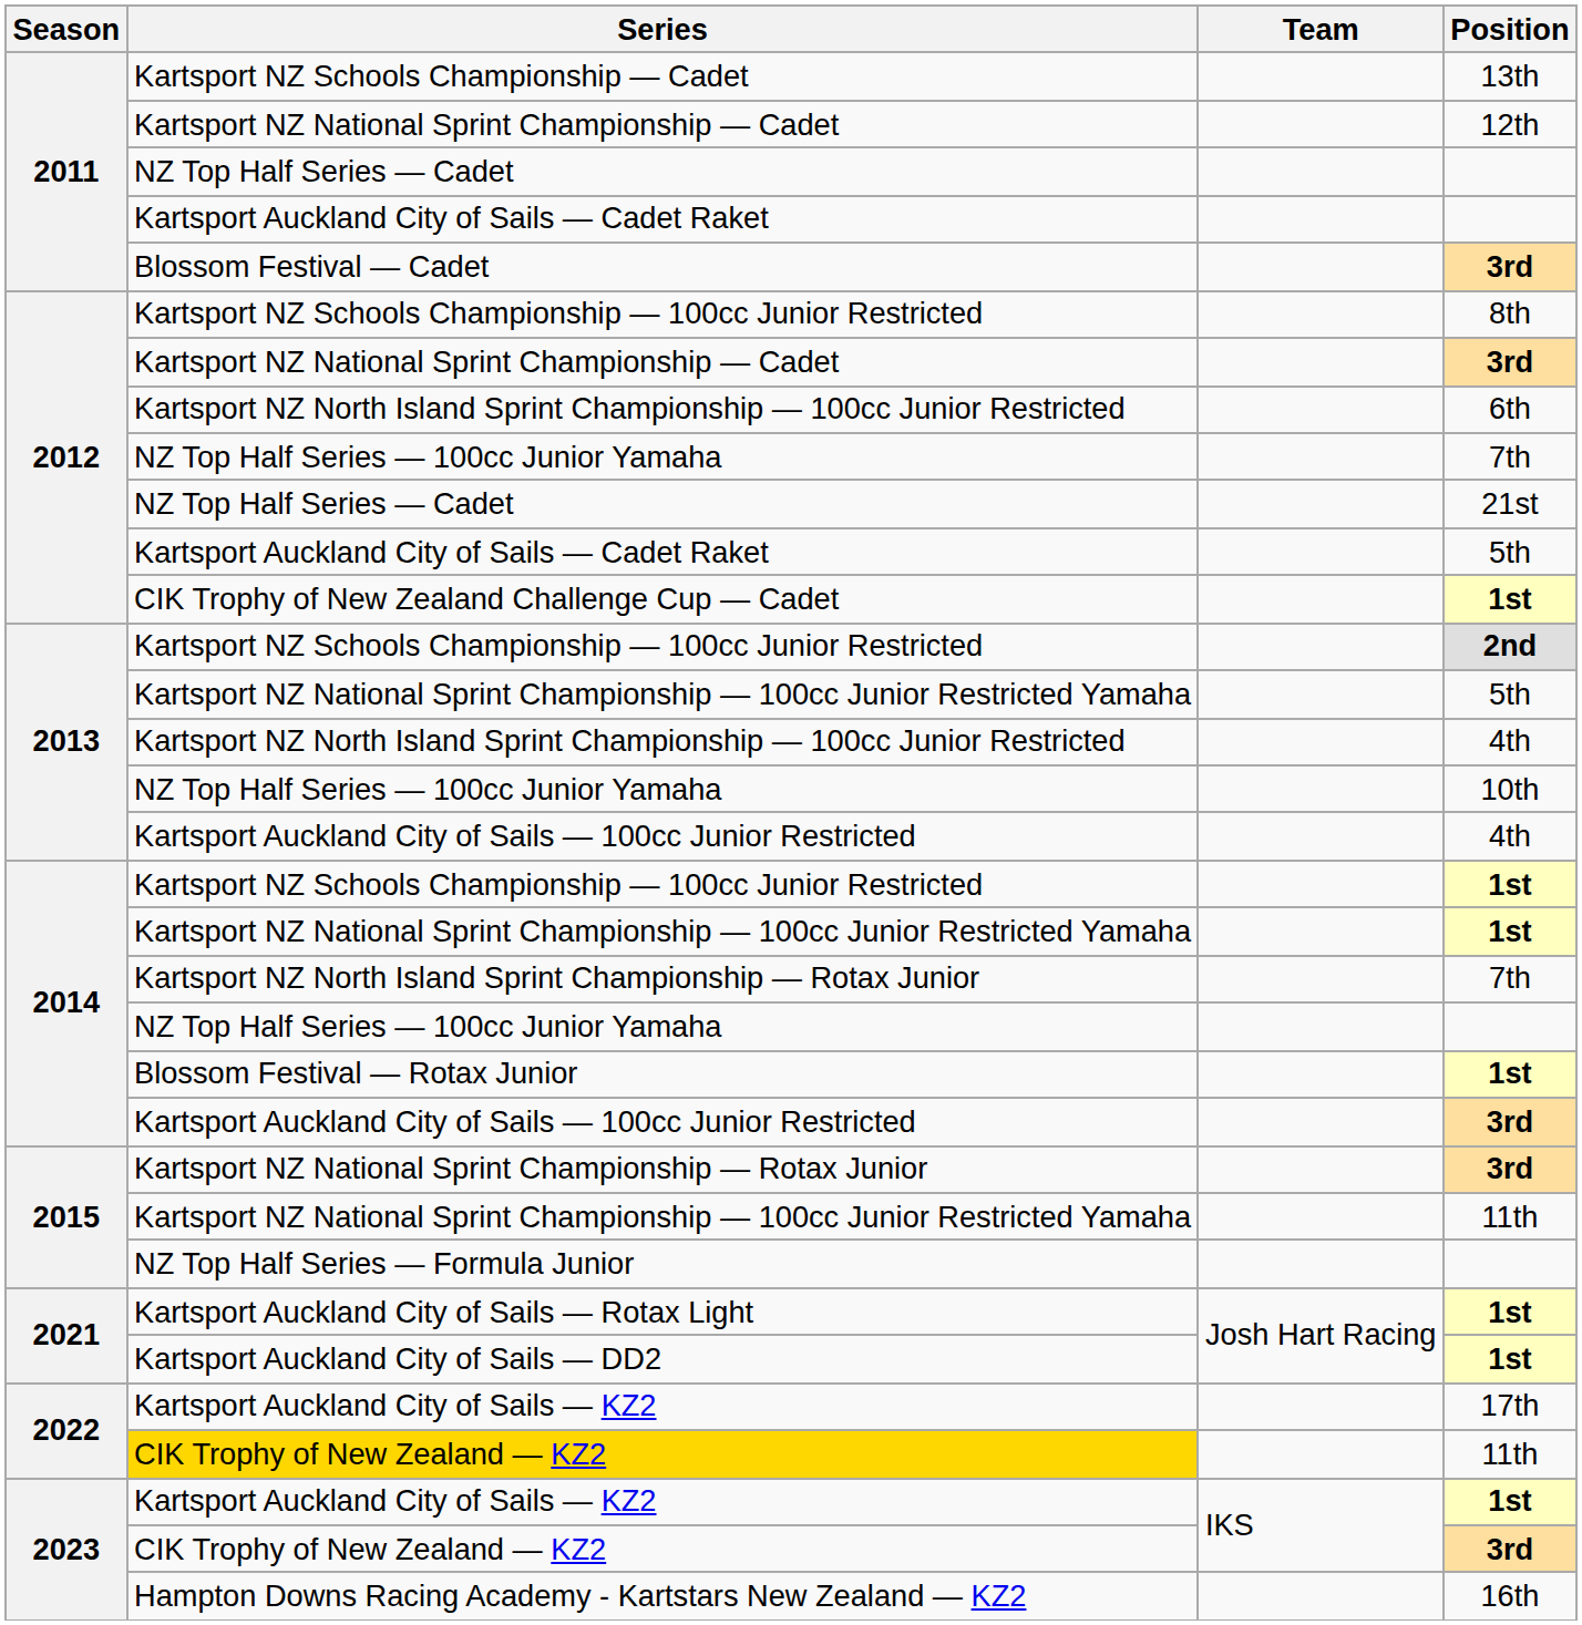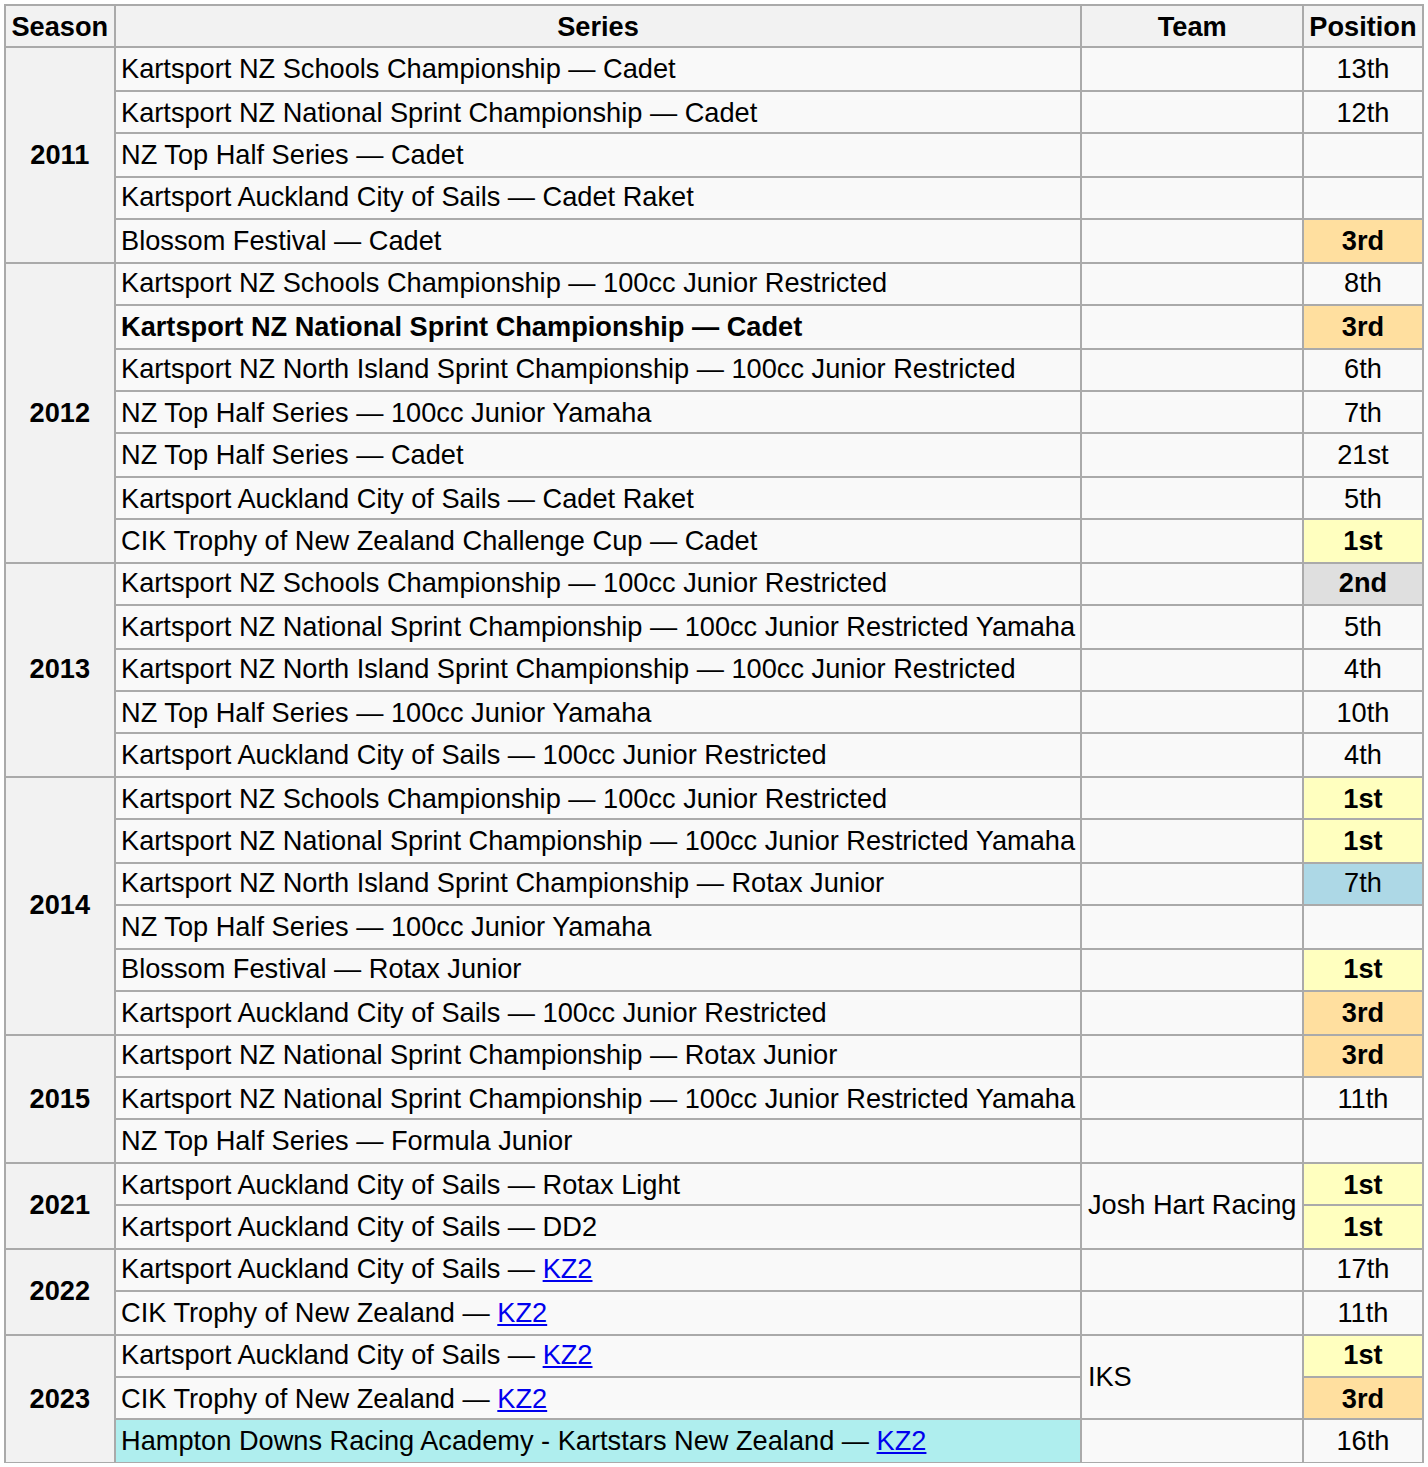 <table class="wikitable" style="font-size: 85%; text-align:center">
 <tr>
 <th>Season</th>
 <th>Series</th>
 <th>Team</th>
 <th>Position</th>
 </tr>
 <tr>
 <th rowspan="5">2011</th>
 <td align="left">Kartsport NZ Schools Championship — Cadet</td>
 <td align="left"></td>
 <td>13th</td>
 </tr>
 <tr>
 <td align="left">Kartsport NZ National Sprint Championship — Cadet</td>
 <td align="left"></td>
 <td>12th</td>
 </tr>
 <tr>
 <td align="left">NZ Top Half Series — Cadet</td>
 <td align="left"></td>
 <td></td>
 </tr>
 <tr>
 <td align="left">Kartsport Auckland City of Sails — Cadet Raket</td>
 <td align="left"></td>
 <td></td>
 </tr>
 <tr>
 <td align="left">Blossom Festival — Cadet</td>
 <td align="left"></td>
 <td style="background:#FFDF9F;"><strong>3rd</strong></td>
 </tr>
 <tr>
 <th rowspan="7">2012</th>
 <td align="left">Kartsport NZ Schools Championship — 100cc Junior Restricted</td>
 <td align="left"></td>
 <td>8th</td>
 </tr>
 <tr>
-<td align="left">Kartsport NZ National Sprint Championship — Cadet</td>
+<td align="left"><strong>Kartsport NZ National Sprint Championship — Cadet</strong></td>
 <td align="left"></td>
 <td style="background:#FFDF9F;"><strong>3rd</strong></td>
 </tr>
 <tr>
 <td align="left">Kartsport NZ North Island Sprint Championship — 100cc Junior Restricted</td>
 <td align="left"></td>
 <td>6th</td>
 </tr>
 <tr>
 <td align="left">NZ Top Half Series — 100cc Junior Yamaha</td>
 <td align="left"></td>
 <td>7th</td>
 </tr>
 <tr>
 <td align="left">NZ Top Half Series — Cadet</td>
 <td align="left"></td>
 <td>21st</td>
 </tr>
 <tr>
 <td align="left">Kartsport Auckland City of Sails — Cadet Raket</td>
 <td align="left"></td>
 <td>5th</td>
 </tr>
 <tr>
 <td align="left">CIK Trophy of New Zealand Challenge Cup — Cadet</td>
 <td align="left"></td>
 <td style="background:#FFFFBF;"><strong>1st</strong></td>
 </tr>
 <tr>
 <th rowspan="5">2013</th>
 <td align="left">Kartsport NZ Schools Championship — 100cc Junior Restricted</td>
 <td align="left"></td>
 <td style="background:#DFDFDF;"><strong>2nd</strong></td>
 </tr>
 <tr>
 <td align="left">Kartsport NZ National Sprint Championship — 100cc Junior Restricted Yamaha</td>
 <td align="left"></td>
 <td>5th</td>
 </tr>
 <tr>
 <td align="left">Kartsport NZ North Island Sprint Championship — 100cc Junior Restricted</td>
 <td align="left"></td>
 <td>4th</td>
 </tr>
 <tr>
 <td align="left">NZ Top Half Series — 100cc Junior Yamaha</td>
 <td align="left"></td>
 <td>10th</td>
 </tr>
 <tr>
 <td align="left">Kartsport Auckland City of Sails — 100cc Junior Restricted</td>
 <td align="left"></td>
 <td>4th</td>
 </tr>
 <tr>
 <th rowspan="6">2014</th>
 <td align="left">Kartsport NZ Schools Championship — 100cc Junior Restricted</td>
 <td align="left"></td>
 <td style="background:#FFFFBF;"><strong>1st</strong></td>
 </tr>
 <tr>
 <td align="left">Kartsport NZ National Sprint Championship — 100cc Junior Restricted Yamaha</td>
 <td align="left"></td>
 <td style="background:#FFFFBF;"><strong>1st</strong></td>
 </tr>
 <tr>
 <td align="left">Kartsport NZ North Island Sprint Championship — Rotax Junior</td>
 <td align="left"></td>
-<td>7th</td>
+<td style="background: lightblue;">7th</td>
 </tr>
 <tr>
 <td align="left">NZ Top Half Series — 100cc Junior Yamaha</td>
 <td align="left"></td>
 <td></td>
 </tr>
 <tr>
 <td align="left">Blossom Festival — Rotax Junior</td>
 <td align="left"></td>
 <td style="background:#FFFFBF;"><strong>1st</strong></td>
 </tr>
 <tr>
 <td align="left">Kartsport Auckland City of Sails — 100cc Junior Restricted</td>
 <td align="left"></td>
 <td style="background:#FFDF9F;"><strong>3rd</strong></td>
 </tr>
 <tr>
 <th rowspan="3">2015</th>
 <td align="left">Kartsport NZ National Sprint Championship — Rotax Junior</td>
 <td align="left"></td>
 <td style="background:#FFDF9F;"><strong>3rd</strong></td>
 </tr>
 <tr>
 <td align="left">Kartsport NZ National Sprint Championship — 100cc Junior Restricted Yamaha</td>
 <td align="left"></td>
 <td>11th</td>
 </tr>
 <tr>
 <td align="left">NZ Top Half Series — Formula Junior</td>
 <td align="left"></td>
 <td></td>
 </tr>
 <tr>
 <th rowspan="2">2021</th>
 <td align="left">Kartsport Auckland City of Sails — Rotax Light</td>
 <td rowspan="2"  align="left">Josh Hart Racing</td>
 <td style="background:#FFFFBF;"><strong>1st</strong></td>
 </tr>
 <tr>
 <td align="left">Kartsport Auckland City of Sails — DD2</td>
 <td style="background:#FFFFBF;"><strong>1st</strong></td>
 </tr>
 <tr>
 <th rowspan="2">2022</th>
 <td align="left">Kartsport Auckland City of Sails — <a href='#'>KZ2</a></td>
 <td align="left"></td>
 <td>17th</td>
 </tr>
 <tr>
-<td align="left" style="background: gold;">CIK Trophy of New Zealand — <a href='#'>KZ2</a></td>
+<td align="left">CIK Trophy of New Zealand — <a href='#'>KZ2</a></td>
 <td align="left"></td>
 <td>11th</td>
 </tr>
 <tr>
 <th rowspan="3">2023</th>
 <td align="left">Kartsport Auckland City of Sails — <a href='#'>KZ2</a></td>
 <td rowspan="2"  align="left">IKS</td>
 <td style="background:#FFFFBF;"><strong>1st</strong></td>
 </tr>
 <tr>
 <td align="left">CIK Trophy of New Zealand — <a href='#'>KZ2</a></td>
 <td style="background:#FFDF9F;"><strong>3rd</strong></td>
 </tr>
 <tr>
-<td align="left">Hampton Downs Racing Academy - Kartstars New Zealand — <a href='#'>KZ2</a></td>
+<td align="left" style="background: paleturquoise;">Hampton Downs Racing Academy - Kartstars New Zealand — <a href='#'>KZ2</a></td>
 <td align="left"></td>
 <td>16th</td>
 </tr>
 </table>
